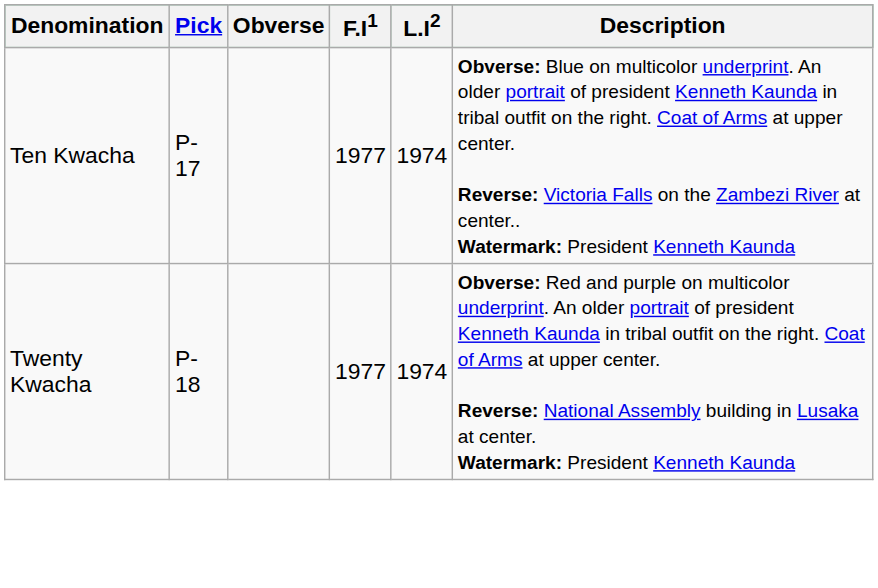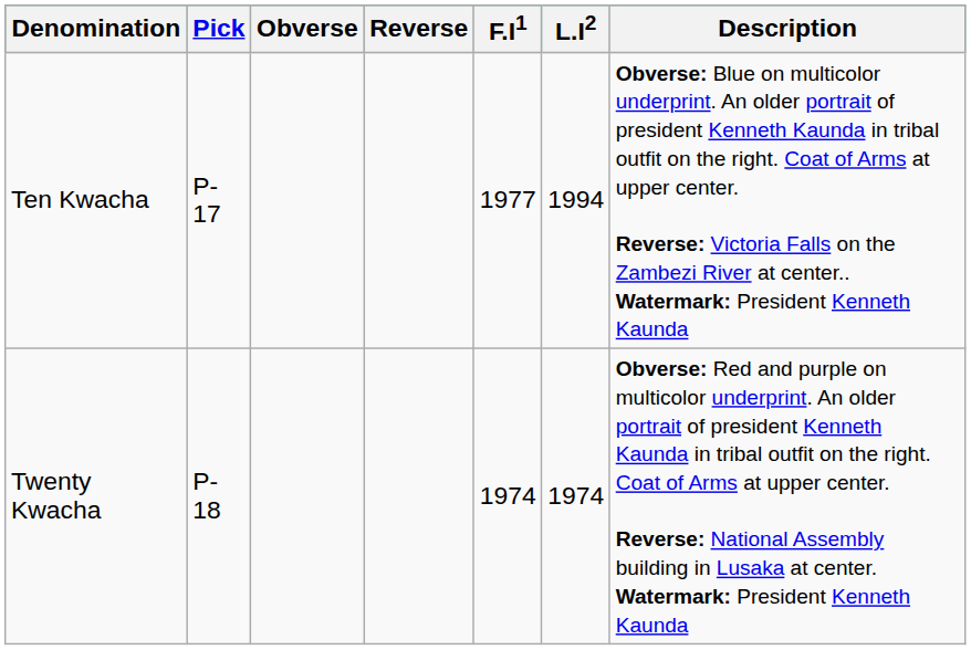 <table class="wikitable">
 <tr style="background:#2E8B57;">
 <th>Denomination</th>
 <th><a href='#'>Pick</a></th>
 <th>Obverse</th>
+<th>Reverse</th>
 <th>F.I<sup>1</sup></th>
 <th>L.I<sup>2</sup></th>
 <th>Description</th>
 </tr>
 <tr>
 <td>Ten Kwacha</td>
 <td>P-17</td>
 <td></td>
+<td></td>
 <td>1977</td>
-<td>1974</td>
+<td>1994</td>
 <td><small><strong>Obverse:</strong> Blue on multicolor <a href='#'>underprint</a>. An older <a href='#'>portrait</a> of president <a href='#'>Kenneth Kaunda</a> in tribal outfit on the right. <a href='#'>Coat of Arms</a> at upper center.</small><br><br><small><strong>Reverse:</strong> <a href='#'>Victoria Falls</a> on the <a href='#'>Zambezi River</a> at center..</small><br> <small><strong>Watermark:</strong> President <a href='#'>Kenneth Kaunda</a></small></td>
 </tr>
 <tr>
 <td>Twenty Kwacha</td>
 <td>P-18</td>
 <td></td>
-<td>1977</td>
+<td></td>
+<td>1974</td>
 <td>1974</td>
 <td><small><strong>Obverse:</strong> Red and purple on multicolor <a href='#'>underprint</a>. An older <a href='#'>portrait</a> of president <a href='#'>Kenneth Kaunda</a> in tribal outfit on the right. <a href='#'>Coat of Arms</a> at upper center.</small><br><br><small><strong>Reverse:</strong> <a href='#'>National Assembly</a> building in <a href='#'>Lusaka</a> at center.</small><br> <small><strong>Watermark:</strong> President <a href='#'>Kenneth Kaunda</a></small></td>
 </tr>
 </table>
